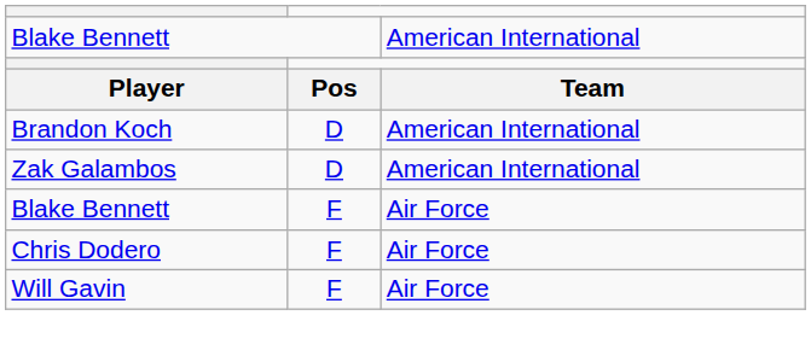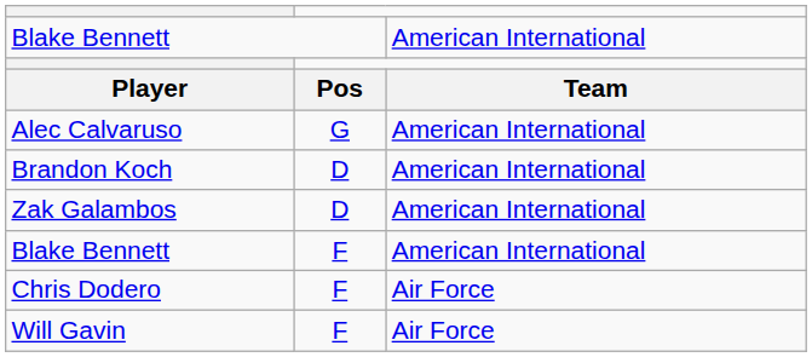 <table class="wikitable" width=40%>
 <tr>
 <th><a href='#'></a></th>
 </tr>
 <tr>
 <td colspan=2><a href='#'>Blake Bennett</a></td>
 <td><a href='#'>American International</a></td>
 </tr>
 <tr>
 <th><a href='#'></a></th>
 </tr>
 <tr>
 <th>Player</th>
 <th>Pos</th>
 <th>Team</th>
 </tr>
 <tr>
+<td><a href='#'>Alec Calvaruso</a></td>
+<td style="text-align:center;"><a href='#'>G</a></td>
+<td><a href='#'>American International</a></td>
+</tr>
+<tr>
 <td><a href='#'>Brandon Koch</a></td>
 <td style="text-align:center;"><a href='#'>D</a></td>
 <td><a href='#'>American International</a></td>
 </tr>
 <tr>
 <td><a href='#'>Zak Galambos</a></td>
 <td style="text-align:center;"><a href='#'>D</a></td>
 <td><a href='#'>American International</a></td>
 </tr>
 <tr>
 <td><a href='#'>Blake Bennett</a></td>
 <td style="text-align:center;"><a href='#'>F</a></td>
-<td><a href='#'>Air Force</a></td>
+<td><a href='#'>American International</a></td>
 </tr>
 <tr>
 <td><a href='#'>Chris Dodero</a></td>
 <td style="text-align:center;"><a href='#'>F</a></td>
 <td><a href='#'>Air Force</a></td>
 </tr>
 <tr>
 <td><a href='#'>Will Gavin</a></td>
 <td style="text-align:center;"><a href='#'>F</a></td>
 <td><a href='#'>Air Force</a></td>
 </tr>
 </table>
